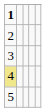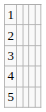 <table class="wikitable sortable" style="text-align:center">
 <tr>
 </tr>
 <tr>
-<td><strong>1</strong></td>
+<td>1</td>
 <td></td>
 <td></td>
 <td></td>
 <td></td>
 </tr>
 <tr>
 <td>2</td>
 <td></td>
 <td></td>
 <td></td>
 <td></td>
 </tr>
 <tr>
 <td>3</td>
 <td></td>
 <td></td>
 <td></td>
 <td></td>
 </tr>
 <tr>
-<td style="background: khaki;">4</td>
+<td>4</td>
 <td></td>
 <td></td>
 <td></td>
 <td></td>
 </tr>
 <tr>
 <td>5</td>
 <td></td>
 <td></td>
 <td></td>
 <td></td>
 </tr>
 </table>
